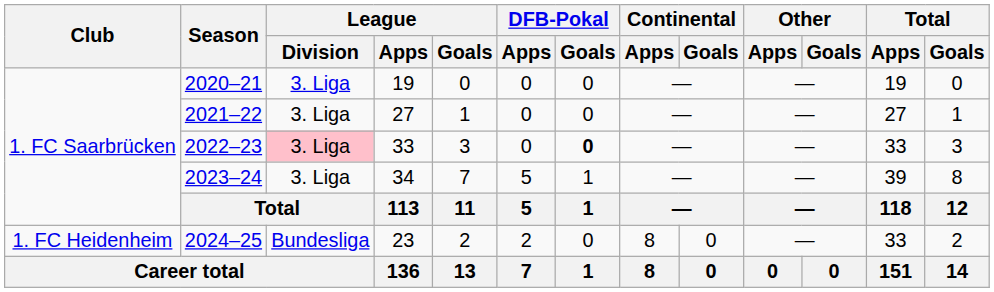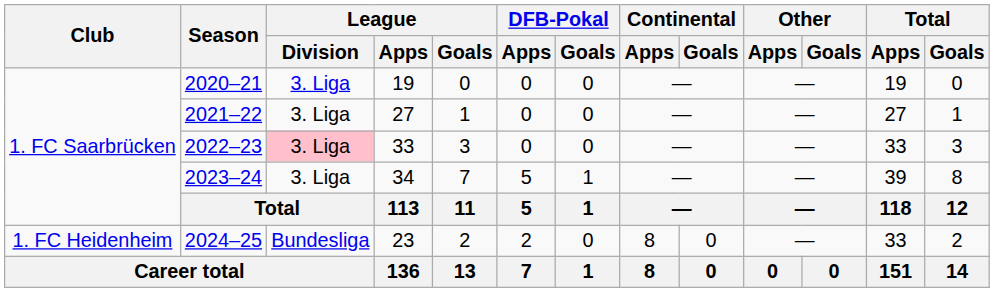 <table class="wikitable" style="text-align:center">
 <tr>
 <th rowspan="2">Club</th>
 <th rowspan="2">Season</th>
 <th colspan="3">League</th>
 <th colspan="2"><a href='#'>DFB-Pokal</a></th>
 <th colspan="2">Continental</th>
 <th colspan="2">Other</th>
 <th colspan="2">Total</th>
 </tr>
 <tr>
 <th>Division</th>
 <th>Apps</th>
 <th>Goals</th>
 <th>Apps</th>
 <th>Goals</th>
 <th>Apps</th>
 <th>Goals</th>
 <th>Apps</th>
 <th>Goals</th>
 <th>Apps</th>
 <th>Goals</th>
 </tr>
 <tr>
 <td rowspan="5"><a href='#'>1. FC Saarbrücken</a></td>
 <td><a href='#'>2020–21</a></td>
 <td><a href='#'>3. Liga</a></td>
 <td>19</td>
 <td>0</td>
 <td>0</td>
 <td>0</td>
 <td colspan="2">—</td>
 <td colspan="2">—</td>
 <td>19</td>
 <td>0</td>
 </tr>
 <tr>
 <td><a href='#'>2021–22</a></td>
 <td>3. Liga</td>
 <td>27</td>
 <td>1</td>
 <td>0</td>
 <td>0</td>
 <td colspan="2">—</td>
 <td colspan="2">—</td>
 <td>27</td>
 <td>1</td>
 </tr>
 <tr>
 <td><a href='#'>2022–23</a></td>
 <td style="background: pink;">3. Liga</td>
 <td>33</td>
 <td>3</td>
 <td>0</td>
-<td><strong>0</strong></td>
+<td>0</td>
 <td colspan="2">—</td>
 <td colspan="2">—</td>
 <td>33</td>
 <td>3</td>
 </tr>
 <tr>
 <td><a href='#'>2023–24</a></td>
 <td>3. Liga</td>
 <td>34</td>
 <td>7</td>
 <td>5</td>
 <td>1</td>
 <td colspan="2">—</td>
 <td colspan="2">—</td>
 <td>39</td>
 <td>8</td>
 </tr>
 <tr>
 <th colspan="2">Total</th>
 <th>113</th>
 <th>11</th>
 <th>5</th>
 <th>1</th>
 <th colspan="2">—</th>
 <th colspan="2">—</th>
 <th>118</th>
 <th>12</th>
 </tr>
 <tr>
 <td><a href='#'>1. FC Heidenheim</a></td>
 <td><a href='#'>2024–25</a></td>
 <td><a href='#'>Bundesliga</a></td>
 <td>23</td>
 <td>2</td>
 <td>2</td>
 <td>0</td>
 <td>8</td>
 <td>0</td>
 <td colspan="2">—</td>
 <td>33</td>
 <td>2</td>
 </tr>
 <tr>
 <th colspan="3">Career total</th>
 <th>136</th>
 <th>13</th>
 <th>7</th>
 <th>1</th>
 <th>8</th>
 <th>0</th>
 <th>0</th>
 <th>0</th>
 <th>151</th>
 <th>14</th>
 </tr>
 </table>
